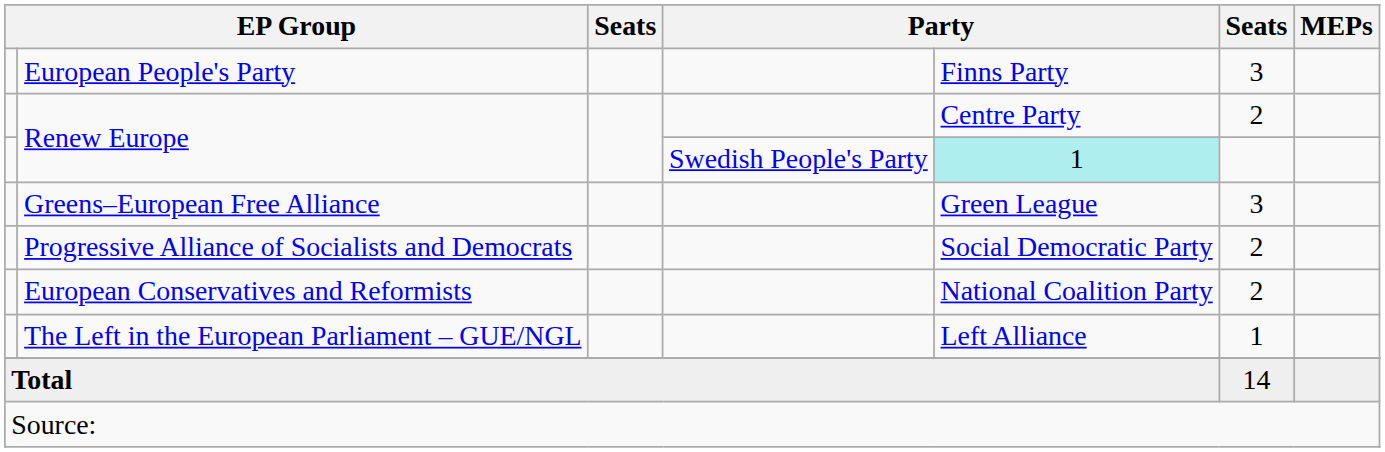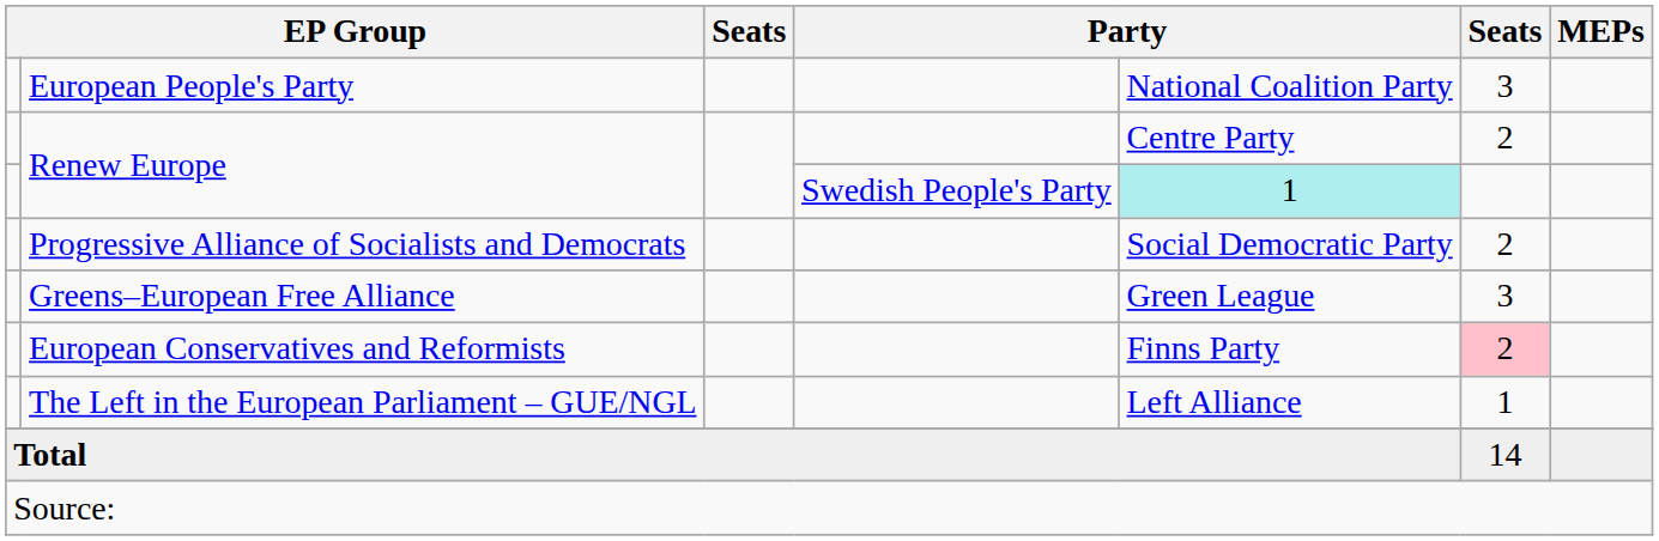 <table class="wikitable">
 <tr>
 <th colspan="2">EP Group</th>
 <th>Seats</th>
 <th colspan="2">Party</th>
 <th>Seats</th>
 <th>MEPs</th>
 </tr>
 <tr>
 <td></td>
 <td><a href='#'>European People's Party</a></td>
 <td></td>
 <td style="background:"></td>
-<td><a href='#'>Finns Party</a></td>
+<td><a href='#'>National Coalition Party</a></td>
 <td align="center">3</td>
 <td></td>
 </tr>
 <tr>
 <td></td>
 <td rowspan="2"><a href='#'>Renew Europe</a></td>
 <td rowspan="2"></td>
 <td style="background:"></td>
 <td><a href='#'>Centre Party</a></td>
 <td align="center">2</td>
 <td></td>
 </tr>
 <tr>
 <td style="background:"></td>
 <td><a href='#'>Swedish People's Party</a></td>
 <td align="center" style="background: paleturquoise;">1</td>
 <td></td>
 </tr>
 <tr>
 <td></td>
+<td><a href='#'>Progressive Alliance of Socialists and Democrats</a></td>
+<td></td>
+<td style="background:"></td>
+<td><a href='#'>Social Democratic Party</a></td>
+<td align="center">2</td>
+<td></td>
+</tr>
+<tr>
+<td></td>
 <td><a href='#'>Greens–European Free Alliance</a></td>
 <td></td>
 <td style="background:"></td>
 <td><a href='#'>Green League</a></td>
 <td align="center">3</td>
 <td></td>
 </tr>
 <tr>
 <td></td>
-<td><a href='#'>Progressive Alliance of Socialists and Democrats</a></td>
-<td></td>
-<td style="background:"></td>
-<td><a href='#'>Social Democratic Party</a></td>
-<td align="center">2</td>
-<td></td>
-</tr>
-<tr>
-<td></td>
 <td><a href='#'>European Conservatives and Reformists</a></td>
 <td></td>
 <td style="background:"></td>
-<td><a href='#'>National Coalition Party</a></td>
-<td align="center">2</td>
+<td><a href='#'>Finns Party</a></td>
+<td align="center" style="background: pink;">2</td>
 <td></td>
 </tr>
 <tr>
 <td></td>
 <td><a href='#'>The Left in the European Parliament – GUE/NGL</a></td>
 <td></td>
 <td style="background:"></td>
 <td><a href='#'>Left Alliance</a></td>
 <td align="center">1</td>
 <td></td>
 </tr>
 <tr>
 </tr>
 <tr bgcolor="EFEFEF">
 <td colspan="5" align="left"><strong>Total</strong></td>
 <td align="center">14</td>
 <td></td>
 </tr>
 <tr>
 <td colspan="7">Source: </td>
 </tr>
 </table>
